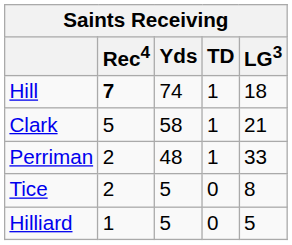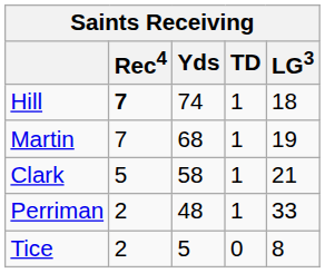 <table class="wikitable">
 <tr>
 <th colspan="5">Saints Receiving</th>
 </tr>
 <tr>
 <th></th>
 <th>Rec<sup>4</sup></th>
 <th>Yds</th>
 <th>TD</th>
 <th>LG<sup>3</sup></th>
 </tr>
 <tr>
 <td><a href='#'>Hill</a></td>
 <td><strong>7</strong></td>
 <td>74</td>
 <td>1</td>
 <td>18</td>
+</tr>
+<tr>
+<td><a href='#'>Martin</a></td>
+<td>7</td>
+<td>68</td>
+<td>1</td>
+<td>19</td>
 </tr>
 <tr>
 <td><a href='#'>Clark</a></td>
 <td>5</td>
 <td>58</td>
 <td>1</td>
 <td>21</td>
 </tr>
 <tr>
 <td><a href='#'>Perriman</a></td>
 <td>2</td>
 <td>48</td>
 <td>1</td>
 <td>33</td>
 </tr>
 <tr>
 <td><a href='#'>Tice</a></td>
 <td>2</td>
 <td>5</td>
 <td>0</td>
 <td>8</td>
 </tr>
-<tr>
-<td><a href='#'>Hilliard</a></td>
-<td>1</td>
-<td>5</td>
-<td>0</td>
-<td>5</td>
-</tr>
 </table>
